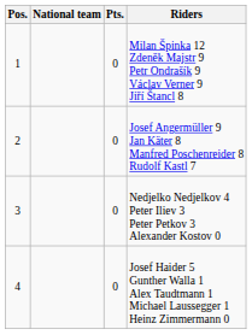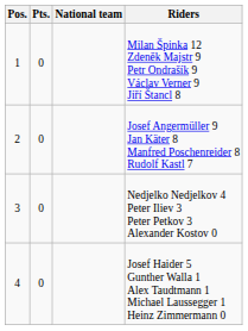 <table class=wikitable style="font-size:93%;">
 <tr>
 <th>Pos.</th>
+<th>Pts.</th>
 <th>National team</th>
-<th>Pts.</th>
 <th>Riders</th>
 </tr>
 <tr align=center >
 <td>1</td>
+<td>0</td>
 <td align=left></td>
-<td>0</td>
 <td align=left><br><a href='#'>Milan Špinka</a> 12<br> <a href='#'>Zdeněk Majstr</a> 9<br> <a href='#'>Petr Ondrašík</a> 9<br> <a href='#'>Václav Verner</a> 9<br> <a href='#'>Jiří Štancl</a> 8</td>
 </tr>
 <tr align=center >
 <td>2</td>
+<td>0</td>
 <td align=left></td>
-<td>0</td>
 <td align=left><br><a href='#'>Josef Angermüller</a> 9<br> <a href='#'>Jan Käter</a> 8<br> <a href='#'>Manfred Poschenreider</a> 8<br> <a href='#'>Rudolf Kastl</a> 7</td>
 </tr>
 <tr align=center>
 <td>3</td>
+<td>0</td>
 <td align=left></td>
-<td>0</td>
 <td align=left><br>Nedjelko Nedjelkov 4<br> Peter Iliev 3<br> Peter Petkov 3<br> Alexander Kostov 0</td>
 </tr>
 <tr align=center>
 <td>4</td>
+<td>0</td>
 <td align=left></td>
-<td>0</td>
 <td align=left><br>Josef Haider 5<br> Gunther Walla 1<br> Alex Taudtmann 1<br> Michael Laussegger 1<br> Heinz Zimmermann 0</td>
 </tr>
 </table>
